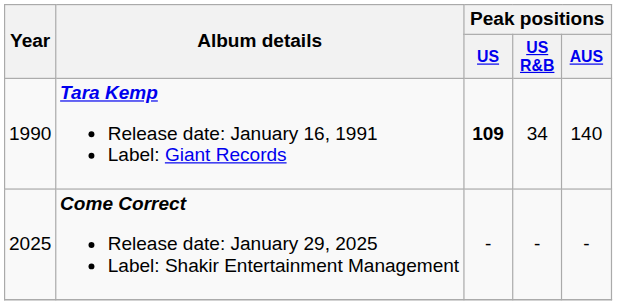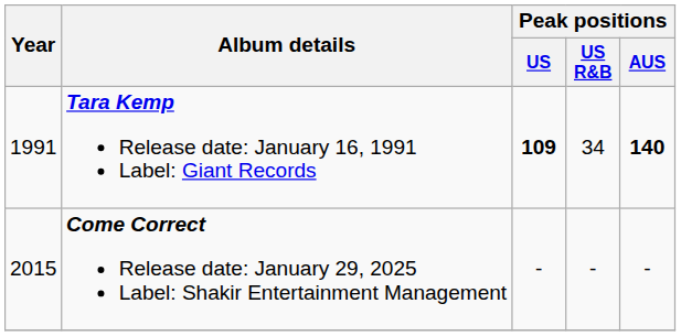 <table class="wikitable" style="text-align:center;">
 <tr>
 <th rowspan="2">Year</th>
 <th rowspan="2">Album details</th>
 <th colspan="3">Peak positions</th>
 </tr>
 <tr style="font-size:smaller;">
 <th width="35"><a href='#'>US</a><br></th>
 <th width="35"><a href='#'>US<br>R&B</a><br></th>
 <th width="35"><a href='#'>AUS</a><br></th>
 </tr>
 <tr>
-<td>1990</td>
+<td>1991</td>
 <td align="left"><strong><em><a href='#'>Tara Kemp</a></em></strong><br><ul><li>Release date: January 16, 1991</li><li>Label: <a href='#'>Giant Records</a></li></ul></td>
 <td><strong>109</strong></td>
 <td>34</td>
-<td>140</td>
+<td><strong>140</strong></td>
 </tr>
 <tr>
-<td>2025</td>
+<td>2015</td>
 <td align="left"><strong><em>Come Correct</em></strong><br><ul><li>Release date: January 29, 2025</li><li>Label: Shakir Entertainment Management</li></ul></td>
 <td>-</td>
 <td>-</td>
 <td>-</td>
 </tr>
 <tr>
 </tr>
 </table>
